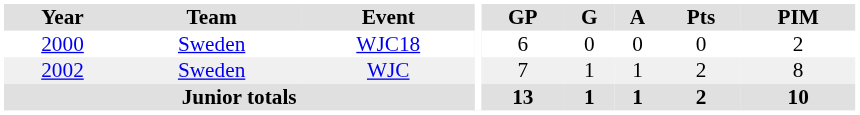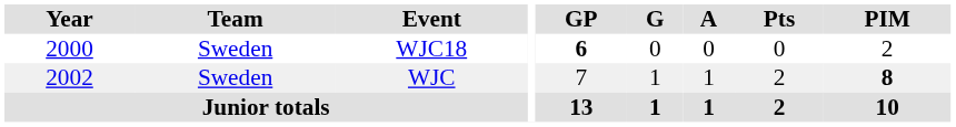 <table border="0" cellpadding="1" cellspacing="0" style="text-align:center; width:40em">
 <tr bgcolor="#e0e0e0">
 <th>Year</th>
 <th>Team</th>
 <th>Event</th>
 <th rowspan="99" bgcolor="#ffffff"></th>
 <th>GP</th>
 <th>G</th>
 <th>A</th>
 <th>Pts</th>
 <th>PIM</th>
 </tr>
 <tr>
 <td><a href='#'>2000</a></td>
 <td><a href='#'>Sweden</a></td>
 <td><a href='#'>WJC18</a></td>
-<td>6</td>
+<td><strong>6</strong></td>
 <td>0</td>
 <td>0</td>
 <td>0</td>
 <td>2</td>
 </tr>
 <tr bgcolor="#f0f0f0">
 <td><a href='#'>2002</a></td>
 <td><a href='#'>Sweden</a></td>
 <td><a href='#'>WJC</a></td>
 <td>7</td>
 <td>1</td>
 <td>1</td>
 <td>2</td>
-<td>8</td>
+<td><strong>8</strong></td>
 </tr>
 <tr bgcolor="#e0e0e0">
 <th colspan="3">Junior totals</th>
 <th>13</th>
 <th>1</th>
 <th>1</th>
 <th>2</th>
 <th>10</th>
 </tr>
 </table>
